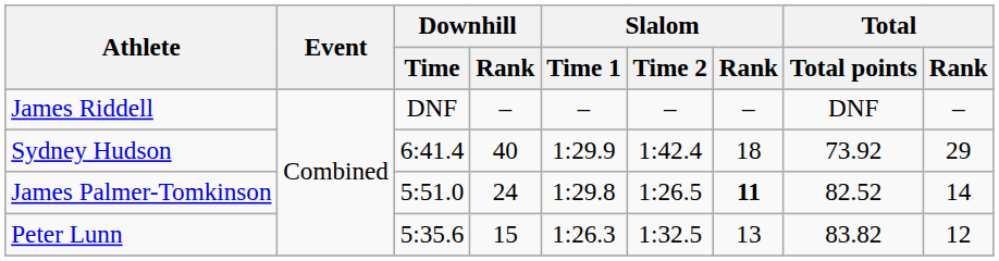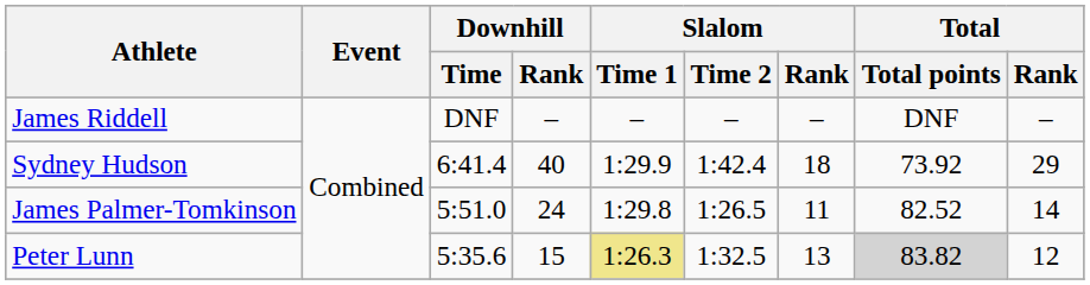 <table class="wikitable" style="font-size:90%">
 <tr>
 <th rowspan="2">Athlete</th>
 <th rowspan="2">Event</th>
 <th colspan="2">Downhill</th>
 <th colspan="3">Slalom</th>
 <th colspan="2">Total</th>
 </tr>
 <tr>
 <th>Time</th>
 <th>Rank</th>
 <th>Time 1</th>
 <th>Time 2</th>
 <th>Rank</th>
 <th>Total points</th>
 <th>Rank</th>
 </tr>
 <tr>
 <td><a href='#'>James Riddell</a></td>
 <td rowspan="4">Combined</td>
 <td align="center">DNF</td>
 <td align="center">–</td>
 <td align="center">–</td>
 <td align="center">–</td>
 <td align="center">–</td>
 <td align="center">DNF</td>
 <td align="center">–</td>
 </tr>
 <tr>
 <td><a href='#'>Sydney Hudson</a></td>
 <td align="center">6:41.4</td>
 <td align="center">40</td>
 <td align="center">1:29.9</td>
 <td align="center">1:42.4</td>
 <td align="center">18</td>
 <td align="center">73.92</td>
 <td align="center">29</td>
 </tr>
 <tr>
 <td><a href='#'>James Palmer-Tomkinson</a></td>
 <td align="center">5:51.0</td>
 <td align="center">24</td>
 <td align="center">1:29.8</td>
 <td align="center">1:26.5</td>
-<td align="center"><strong>11</strong></td>
+<td align="center">11</td>
 <td align="center">82.52</td>
 <td align="center">14</td>
 </tr>
 <tr>
 <td><a href='#'>Peter Lunn</a></td>
 <td align="center">5:35.6</td>
 <td align="center">15</td>
-<td align="center">1:26.3</td>
+<td align="center" style="background: khaki;">1:26.3</td>
 <td align="center">1:32.5</td>
 <td align="center">13</td>
-<td align="center">83.82</td>
+<td align="center" style="background: lightgrey;">83.82</td>
 <td align="center">12</td>
 </tr>
 </table>
